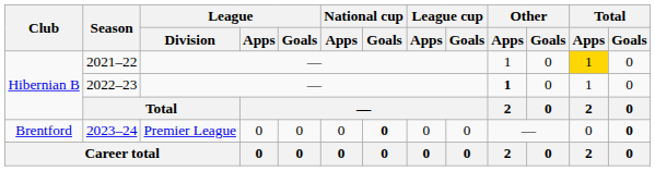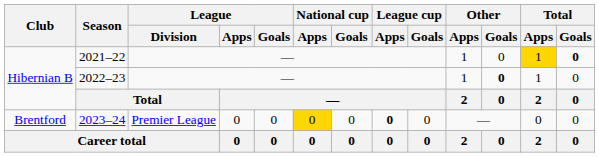 <table class="wikitable" style="text-align: center;">
 <tr>
 <th rowspan="2">Club</th>
 <th rowspan="2">Season</th>
 <th colspan="3">League</th>
 <th colspan="2">National cup</th>
 <th colspan="2">League cup</th>
 <th colspan="2">Other</th>
 <th colspan="2">Total</th>
 </tr>
 <tr>
 <th>Division</th>
 <th>Apps</th>
 <th>Goals</th>
 <th>Apps</th>
 <th>Goals</th>
 <th>Apps</th>
 <th>Goals</th>
 <th>Apps</th>
 <th>Goals</th>
 <th>Apps</th>
 <th>Goals</th>
 </tr>
 <tr>
 <td rowspan="3"><a href='#'>Hibernian B</a></td>
 <td>2021–22</td>
 <td colspan="7">—</td>
 <td>1</td>
 <td>0</td>
 <td style="background: gold;">1</td>
-<td>0</td>
+<td><strong>0</strong></td>
 </tr>
 <tr>
 <td>2022–23</td>
 <td colspan="7">—</td>
-<td><strong>1</strong></td>
-<td>0</td>
+<td>1</td>
+<td><strong>0</strong></td>
 <td>1</td>
 <td>0</td>
 </tr>
 <tr>
 <th colspan="2">Total</th>
 <th colspan="6">—</th>
 <th>2</th>
 <th>0</th>
 <th>2</th>
 <th>0</th>
 </tr>
 <tr>
 <td><a href='#'>Brentford</a></td>
 <td><a href='#'>2023–24</a></td>
 <td><a href='#'>Premier League</a></td>
 <td>0</td>
 <td>0</td>
+<td style="background: gold;">0</td>
 <td>0</td>
 <td><strong>0</strong></td>
 <td>0</td>
-<td>0</td>
 <td colspan="2">—</td>
 <td>0</td>
-<td><strong>0</strong></td>
+<td>0</td>
 </tr>
 <tr>
 <th colspan="3">Career total</th>
 <th>0</th>
 <th>0</th>
 <th>0</th>
 <th>0</th>
 <th>0</th>
 <th>0</th>
 <th>2</th>
 <th>0</th>
 <th>2</th>
 <th>0</th>
 </tr>
 </table>
